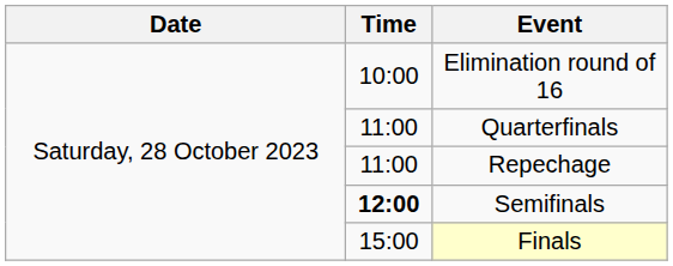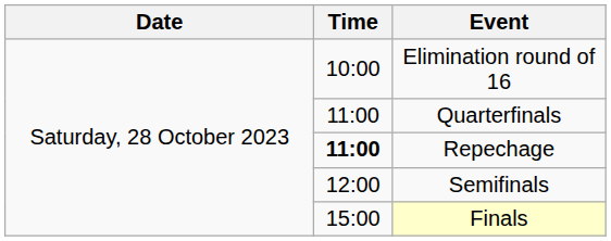 <table class = "wikitable" style="text-align:center;">
 <tr>
 <th width=220>Date</th>
 <th width=50>Time</th>
 <th width=150>Event</th>
 </tr>
 <tr>
 <td rowspan=5>Saturday, 28 October 2023</td>
 <td>10:00</td>
 <td>Elimination round of 16</td>
 </tr>
 <tr>
 <td>11:00</td>
 <td>Quarterfinals</td>
 </tr>
 <tr>
-<td>11:00</td>
+<td><strong>11:00</strong></td>
 <td>Repechage</td>
 </tr>
 <tr>
-<td><strong>12:00</strong></td>
+<td>12:00</td>
 <td>Semifinals</td>
 </tr>
 <tr>
 <td>15:00</td>
 <td bgcolor=ffffcc>Finals</td>
 </tr>
 </table>
